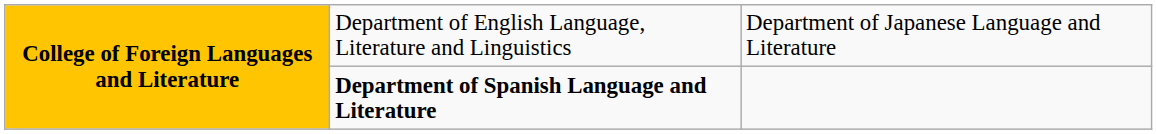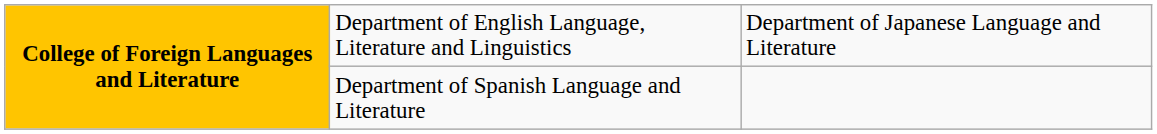 <table class="wikitable">
 <tr>
 <th rowspan="2" width="220" style="background-color: #ffc500;"><span> College of Foreign Languages and Literature</span></th>
 <td width="280">Department of English Language, Literature and Linguistics</td>
 <td width="280">Department of Japanese Language and Literature</td>
 </tr>
 <tr>
-<td width="280"><strong>Department of Spanish Language and Literature</strong></td>
+<td width="280">Department of Spanish Language and Literature</td>
 <td width="280"></td>
 </tr>
 </table>
